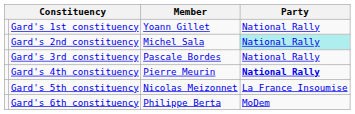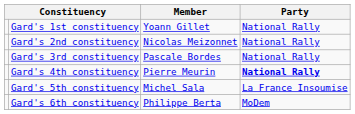 <table class="wikitable">
 <tr>
 <th colspan="2">Constituency</th>
 <th>Member</th>
 <th>Party</th>
 </tr>
 <tr>
 <td style="background-color: "></td>
 <td><a href='#'>Gard's 1st constituency</a></td>
 <td><a href='#'>Yoann Gillet</a></td>
 <td><a href='#'>National Rally</a></td>
 </tr>
 <tr>
 <td style="background-color: "></td>
 <td><a href='#'>Gard's 2nd constituency</a></td>
-<td><a href='#'>Michel Sala</a></td>
-<td style="background: paleturquoise;"><a href='#'>National Rally</a></td>
+<td><a href='#'>Nicolas Meizonnet</a></td>
+<td><a href='#'>National Rally</a></td>
 </tr>
 <tr>
 <td style="background-color: "></td>
 <td><a href='#'>Gard's 3rd constituency</a></td>
 <td><a href='#'>Pascale Bordes</a></td>
 <td><a href='#'>National Rally</a></td>
 </tr>
 <tr>
 <td style="background-color: "></td>
 <td><a href='#'>Gard's 4th constituency</a></td>
 <td><a href='#'>Pierre Meurin</a></td>
 <td><strong><a href='#'>National Rally</a></strong></td>
 </tr>
 <tr>
 <td style="background-color: "></td>
 <td><a href='#'>Gard's 5th constituency</a></td>
-<td><a href='#'>Nicolas Meizonnet</a></td>
+<td><a href='#'>Michel Sala</a></td>
 <td><a href='#'>La France Insoumise</a></td>
 </tr>
 <tr>
 <td style="background-color: "></td>
 <td><a href='#'>Gard's 6th constituency</a></td>
 <td><a href='#'>Philippe Berta</a></td>
 <td><a href='#'>MoDem</a></td>
 </tr>
 </table>
